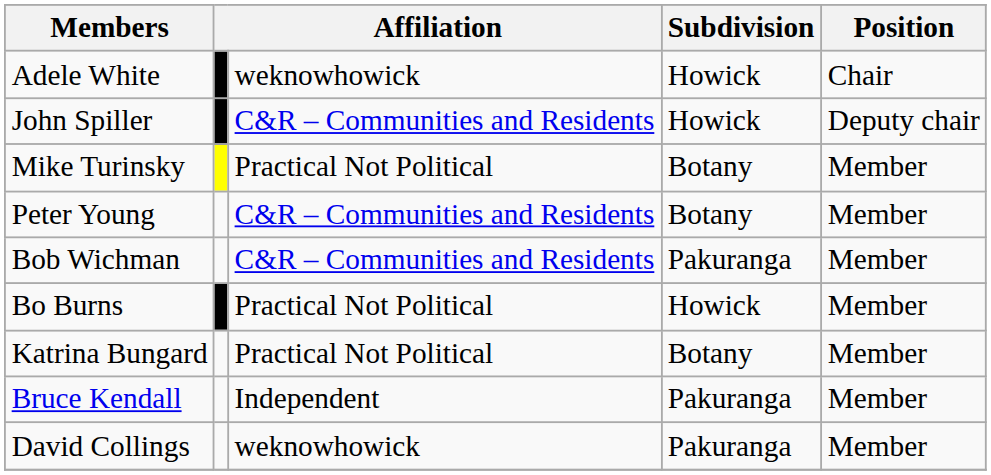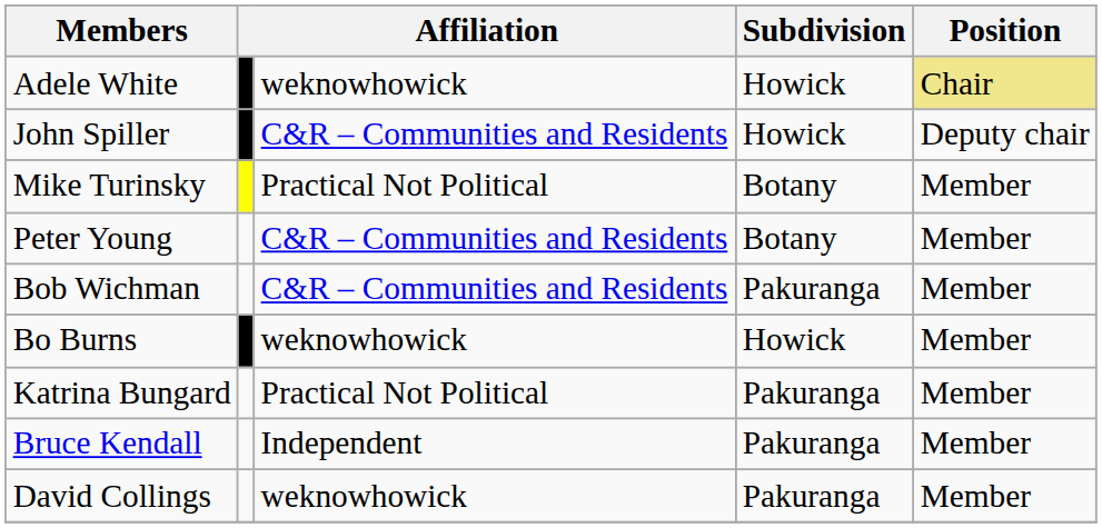 <table class="wikitable sortable">
 <tr>
 <th>Members</th>
 <th colspan=2>Affiliation</th>
 <th>Subdivision</th>
 <th>Position</th>
 </tr>
 <tr>
 <td>Adele White</td>
 <td style="background-color:black"></td>
 <td>weknowhowick</td>
 <td>Howick</td>
-<td>Chair</td>
+<td style="background: khaki;">Chair</td>
 </tr>
 <tr>
 <td>John Spiller</td>
 <td style="background-color:black"></td>
 <td><a href='#'>C&R – Communities and Residents</a></td>
 <td>Howick</td>
 <td>Deputy chair</td>
 </tr>
 <tr>
 <td>Mike Turinsky</td>
 <td style="background-color:yellow"></td>
 <td>Practical Not Political</td>
 <td>Botany</td>
 <td>Member</td>
 </tr>
 <tr>
 <td>Peter Young</td>
 <td style="background-color:"></td>
 <td><a href='#'>C&R – Communities and Residents</a></td>
 <td>Botany</td>
 <td>Member</td>
 </tr>
 <tr>
 <td>Bob Wichman</td>
 <td style="background-color:"></td>
 <td><a href='#'>C&R – Communities and Residents</a></td>
 <td>Pakuranga</td>
 <td>Member</td>
 </tr>
 <tr>
 <td>Bo Burns</td>
 <td style="background-color:black"></td>
-<td>Practical Not Political</td>
+<td>weknowhowick</td>
 <td>Howick</td>
 <td>Member</td>
 </tr>
 <tr>
 <td>Katrina Bungard</td>
 <td style="background-color:"></td>
 <td>Practical Not Political</td>
-<td>Botany</td>
+<td>Pakuranga</td>
 <td>Member</td>
 </tr>
 <tr>
 <td><a href='#'>Bruce Kendall</a></td>
 <td style="background-color:"></td>
 <td>Independent</td>
 <td>Pakuranga</td>
 <td>Member</td>
 </tr>
 <tr>
 <td>David Collings</td>
 <td style="background-color:"></td>
 <td>weknowhowick</td>
 <td>Pakuranga</td>
 <td>Member</td>
 </tr>
 <tr>
 </tr>
 </table>
